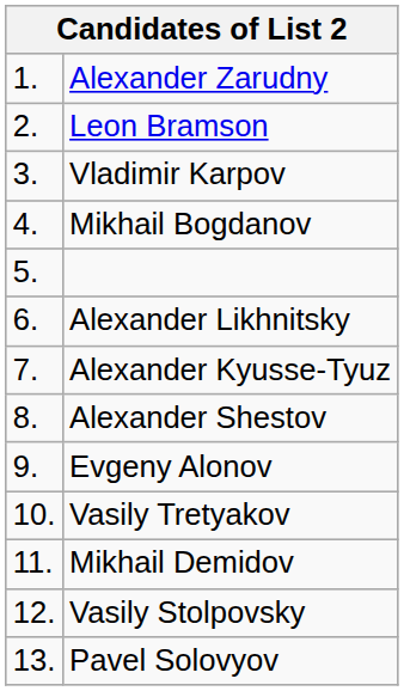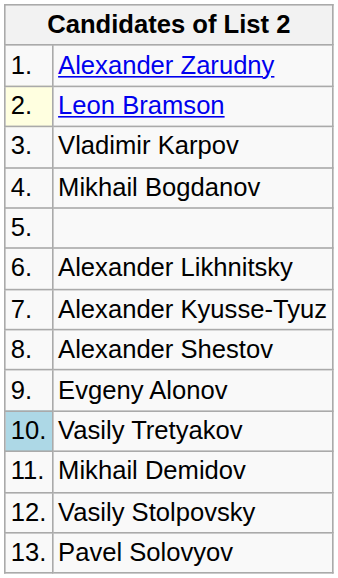 <table class=wikitable>
 <tr>
 <th colspan=3>Candidates of List 2</th>
 </tr>
 <tr>
 <td>1.</td>
 <td><a href='#'>Alexander Zarudny</a></td>
 </tr>
 <tr>
-<td>2.</td>
+<td style="background: lightyellow;">2.</td>
 <td><a href='#'>Leon Bramson</a></td>
 </tr>
 <tr>
 <td>3.</td>
 <td>Vladimir Karpov</td>
 </tr>
 <tr>
 <td>4.</td>
 <td>Mikhail Bogdanov</td>
 </tr>
 <tr>
 <td>5.</td>
 <td></td>
 </tr>
 <tr>
 <td>6.</td>
 <td>Alexander Likhnitsky</td>
 </tr>
 <tr>
 <td>7.</td>
 <td>Alexander Kyusse-Tyuz</td>
 </tr>
 <tr>
 <td>8.</td>
 <td>Alexander Shestov</td>
 </tr>
 <tr>
 <td>9.</td>
 <td>Evgeny Alonov</td>
 </tr>
 <tr>
-<td>10.</td>
+<td style="background: lightblue;">10.</td>
 <td>Vasily Tretyakov</td>
 </tr>
 <tr>
 <td>11.</td>
 <td>Mikhail Demidov</td>
 </tr>
 <tr>
 <td>12.</td>
 <td>Vasily Stolpovsky</td>
 </tr>
 <tr>
 <td>13.</td>
 <td>Pavel Solovyov</td>
 </tr>
 </table>
